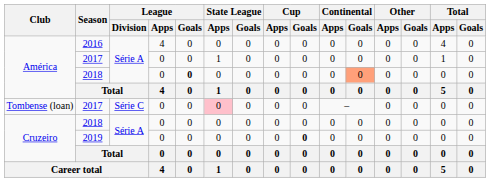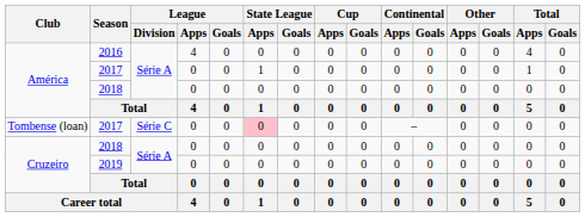 <table class="wikitable" style="text-align: center">
 <tr>
 <th rowspan="2">Club</th>
 <th rowspan="2">Season</th>
 <th colspan="3">League</th>
 <th colspan="2">State League</th>
 <th colspan="2">Cup</th>
 <th colspan="2">Continental</th>
 <th colspan="2">Other</th>
 <th colspan="2">Total</th>
 </tr>
 <tr>
 <th>Division</th>
 <th>Apps</th>
 <th>Goals</th>
 <th>Apps</th>
 <th>Goals</th>
 <th>Apps</th>
 <th>Goals</th>
 <th>Apps</th>
 <th>Goals</th>
 <th>Apps</th>
 <th>Goals</th>
 <th>Apps</th>
 <th>Goals</th>
 </tr>
 <tr>
 <td rowspan="4"><a href='#'>América</a></td>
 <td><a href='#'>2016</a></td>
 <td rowspan="3"><a href='#'>Série A</a></td>
 <td>4</td>
 <td>0</td>
 <td>0</td>
 <td>0</td>
 <td>0</td>
 <td>0</td>
 <td>0</td>
 <td>0</td>
 <td>0</td>
 <td>0</td>
 <td>4</td>
 <td>0</td>
 </tr>
 <tr>
 <td><a href='#'>2017</a></td>
 <td>0</td>
 <td>0</td>
 <td>1</td>
 <td>0</td>
 <td>0</td>
 <td>0</td>
 <td>0</td>
 <td>0</td>
 <td>0</td>
 <td>0</td>
 <td>1</td>
 <td>0</td>
 </tr>
 <tr>
 <td><a href='#'>2018</a></td>
 <td>0</td>
-<td><strong>0</strong></td>
 <td>0</td>
 <td>0</td>
 <td>0</td>
 <td>0</td>
 <td>0</td>
-<td style="background: lightsalmon;">0</td>
+<td>0</td>
+<td>0</td>
 <td>0</td>
 <td>0</td>
 <td>0</td>
 <td>0</td>
 </tr>
 <tr>
 <th colspan="2"><strong>Total</strong></th>
 <th>4</th>
 <th>0</th>
 <th>1</th>
 <th>0</th>
 <th>0</th>
 <th>0</th>
 <th>0</th>
 <th>0</th>
 <th>0</th>
 <th>0</th>
 <th>5</th>
 <th>0</th>
 </tr>
 <tr>
 <td><a href='#'>Tombense</a> (loan)</td>
 <td><a href='#'>2017</a></td>
 <td><a href='#'>Série C</a></td>
 <td>0</td>
 <td>0</td>
 <td style="background: pink;">0</td>
 <td>0</td>
 <td>0</td>
 <td>0</td>
 <td colspan="2">–</td>
 <td>0</td>
 <td>0</td>
 <td>0</td>
 <td>0</td>
 </tr>
 <tr>
 <td rowspan="3"><a href='#'>Cruzeiro</a></td>
 <td><a href='#'>2018</a></td>
 <td rowspan="2"><a href='#'>Série A</a></td>
 <td>0</td>
 <td>0</td>
 <td>0</td>
 <td>0</td>
 <td>0</td>
 <td>0</td>
 <td>0</td>
 <td>0</td>
 <td>0</td>
 <td>0</td>
 <td>0</td>
 <td>0</td>
 </tr>
 <tr>
 <td><a href='#'>2019</a></td>
 <td>0</td>
 <td>0</td>
 <td>0</td>
 <td>0</td>
 <td>0</td>
-<td><strong>0</strong></td>
+<td>0</td>
 <td>0</td>
 <td>0</td>
 <td>0</td>
 <td>0</td>
 <td>0</td>
 <td>0</td>
 </tr>
 <tr>
 <th colspan="2"><strong>Total</strong></th>
 <th>0</th>
 <th>0</th>
 <th>0</th>
 <th>0</th>
 <th>0</th>
 <th>0</th>
 <th>0</th>
 <th>0</th>
 <th>0</th>
 <th>0</th>
 <th>0</th>
 <th>0</th>
 </tr>
 <tr>
 <th colspan="3"><strong>Career total</strong></th>
 <th>4</th>
 <th>0</th>
 <th>1</th>
 <th>0</th>
 <th>0</th>
 <th>0</th>
 <th>0</th>
 <th>0</th>
 <th>0</th>
 <th>0</th>
 <th>5</th>
 <th>0</th>
 </tr>
 </table>
